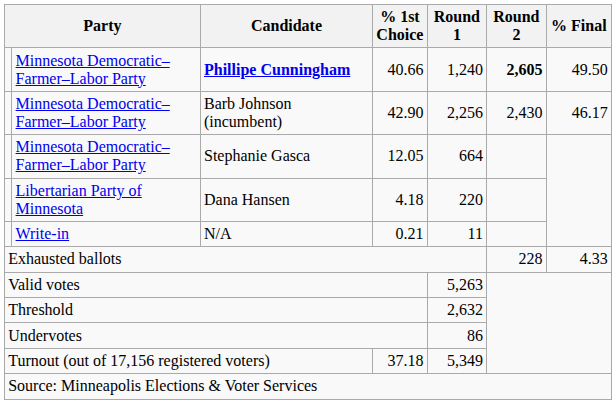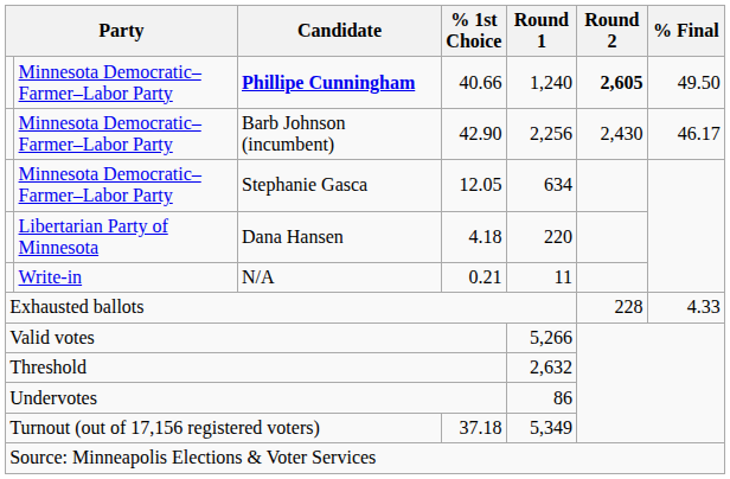 <table class="wikitable">
 <tr>
 <th colspan="2" style="width:290px">Party</th>
 <th style="width:165px">Candidate</th>
 <th>% 1st<br>Choice</th>
 <th>Round 1</th>
 <th>Round 2</th>
 <th style="width:58px;">% Final</th>
 </tr>
 <tr>
 <td style="background-color:"></td>
 <td><a href='#'>Minnesota Democratic–Farmer–Labor Party</a></td>
 <td><strong><a href='#'>Phillipe Cunningham</a></strong></td>
 <td align="right">40.66</td>
 <td align="right">1,240</td>
 <td align="right"><strong>2,605</strong></td>
 <td align="right">49.50</td>
 </tr>
 <tr>
 <td style="background-color:"></td>
 <td><a href='#'>Minnesota Democratic–Farmer–Labor Party</a></td>
 <td>Barb Johnson (incumbent)</td>
 <td align="right">42.90</td>
 <td align="right">2,256</td>
 <td align="right">2,430</td>
 <td align="right">46.17</td>
 </tr>
 <tr>
 <td style="background-color:"></td>
 <td><a href='#'>Minnesota Democratic–Farmer–Labor Party</a></td>
 <td>Stephanie Gasca</td>
 <td align="right">12.05</td>
-<td align="right">664</td>
+<td align="right">634</td>
 <td></td>
 <td rowspan="3"></td>
 </tr>
 <tr>
 <td style="background-color:"></td>
 <td><a href='#'>Libertarian Party of Minnesota</a></td>
 <td>Dana Hansen</td>
 <td align="right">4.18</td>
 <td align="right">220</td>
 <td></td>
 </tr>
 <tr>
 <td style="background-color:"></td>
 <td><a href='#'>Write-in</a></td>
 <td>N/A</td>
 <td align="right">0.21</td>
 <td align="right">11</td>
 <td></td>
 </tr>
 <tr>
 <td colspan="5">Exhausted ballots</td>
 <td align="right">228</td>
 <td align="right">4.33</td>
 </tr>
 <tr>
 <td colspan="4">Valid votes</td>
-<td align="right">5,263</td>
+<td align="right">5,266</td>
 <td colspan="2" rowspan="4"></td>
 </tr>
 <tr>
 <td colspan="4">Threshold</td>
 <td align="right">2,632</td>
 </tr>
 <tr>
 <td colspan="4">Undervotes</td>
 <td align="right">86</td>
 </tr>
 <tr>
 <td colspan="3">Turnout (out of 17,156 registered voters)</td>
 <td align="right">37.18</td>
 <td align="right">5,349</td>
 </tr>
 <tr>
 <td colspan="7">Source: Minneapolis Elections & Voter Services</td>
 </tr>
 </table>
